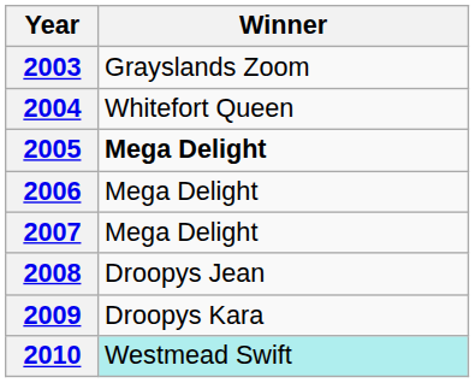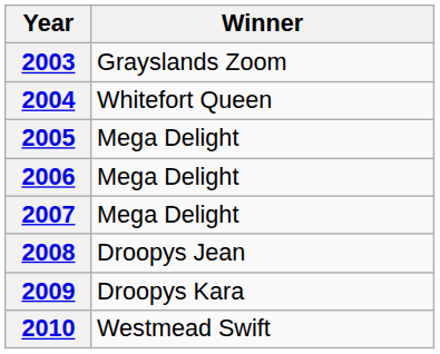 <table class="wikitable">
 <tr>
 <th width=50>Year</th>
 <th width=220>Winner</th>
 </tr>
 <tr>
 <th><a href='#'>2003</a></th>
 <td>Grayslands Zoom</td>
 </tr>
 <tr>
 <th><a href='#'>2004</a></th>
 <td>Whitefort Queen</td>
 </tr>
 <tr>
 <th><a href='#'>2005</a></th>
-<td><strong>Mega Delight</strong></td>
+<td>Mega Delight</td>
 </tr>
 <tr>
 <th><a href='#'>2006</a></th>
 <td>Mega Delight</td>
 </tr>
 <tr>
 <th><a href='#'>2007</a></th>
 <td>Mega Delight</td>
 </tr>
 <tr>
 <th><a href='#'>2008</a></th>
 <td>Droopys Jean</td>
 </tr>
 <tr>
 <th><a href='#'>2009</a></th>
 <td>Droopys Kara</td>
 </tr>
 <tr>
 <th><a href='#'>2010</a></th>
-<td style="background: paleturquoise;">Westmead Swift</td>
+<td>Westmead Swift</td>
 </tr>
 </table>
